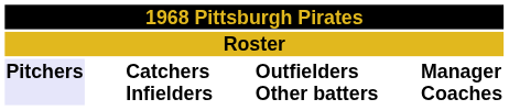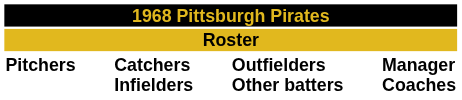 <table class="toccolours" style="font-size: 95%;">
 <tr>
 <th colspan="10" style="background-color: black; color: #e1b81e; text-align: center;">1968 Pittsburgh Pirates</th>
 </tr>
 <tr>
 <td colspan="10" style="background-color: #e1b81e; color: black; text-align: center;"><strong>Roster</strong></td>
 </tr>
 <tr>
-<td valign="top" style="background: lavender;"><strong>Pitchers</strong><br>             </td>
+<td valign="top"><strong>Pitchers</strong><br>             </td>
 <td width="25px"></td>
 <td valign="top"><strong>Catchers</strong><br>   <strong>Infielders</strong>       </td>
 <td width="25px"></td>
 <td valign="top"><strong>Outfielders</strong><br>        <strong>Other batters</strong> </td>
 <td width="25px"></td>
 <td valign="top"><strong>Manager</strong><br> <strong>Coaches</strong>    </td>
 </tr>
 </table>
